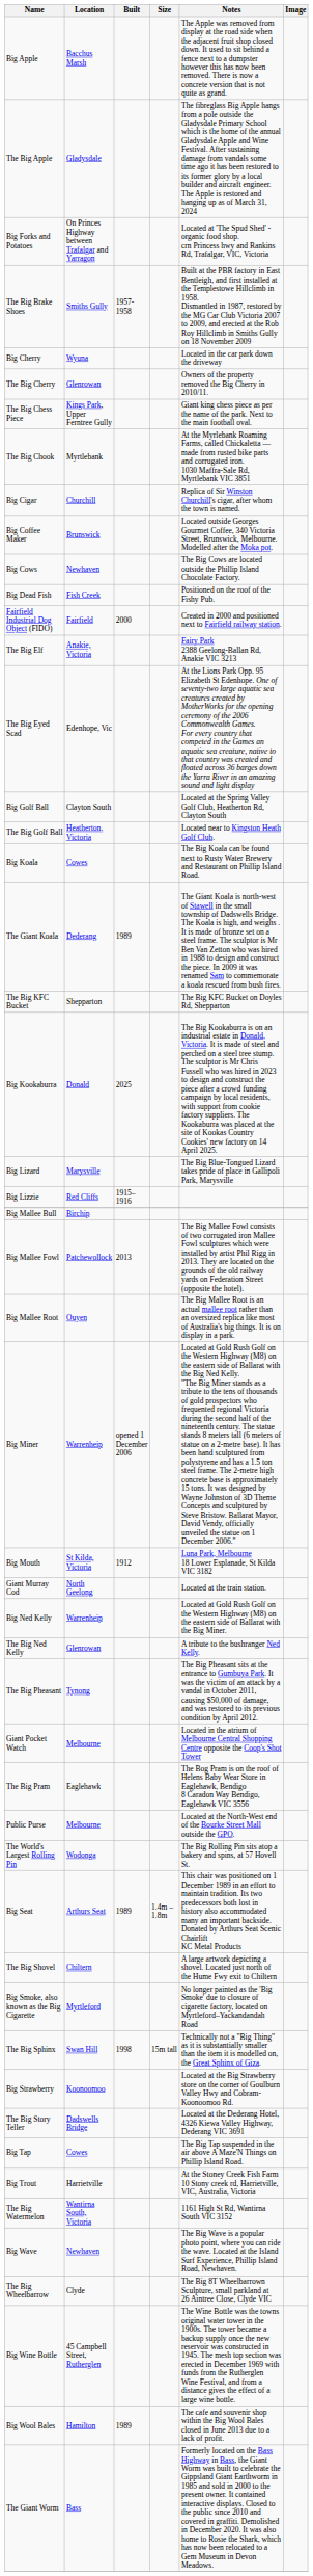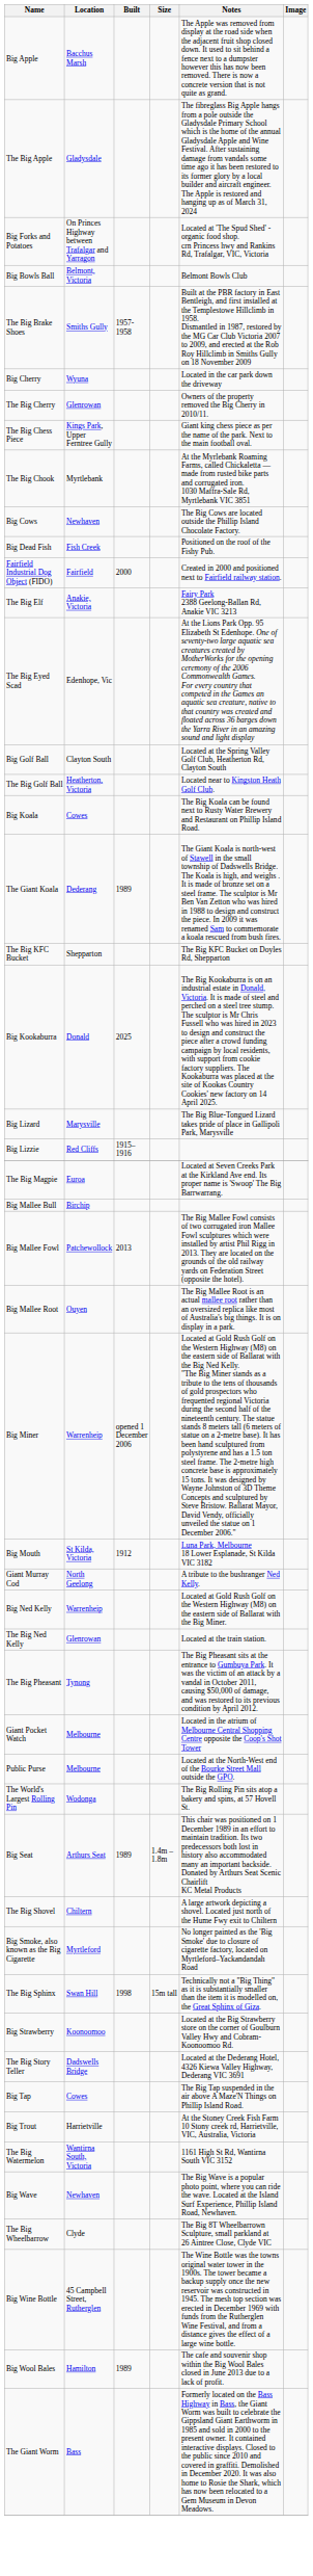 <table style="width:100%;" class="wikitable sortable">
 <tr>
 <th style="width:20%;">Name</th>
 <th style="width:15%;">Location</th>
 <th style="width:5%;">Built</th>
 <th style="width:10%;">Size</th>
 <th style="width:35%;">Notes</th>
 <th style="width:8%;">Image</th>
 </tr>
 <tr>
 <td>Big Apple</td>
 <td><a href='#'>Bacchus Marsh</a></td>
 <td></td>
 <td></td>
 <td>The Apple was removed from display at the road side when the adjacent fruit shop closed down. It used to sit behind a fence next to a dumpster however this has now been removed. There is now a concrete version that is not quite as grand.</td>
 <td> </td>
 </tr>
 <tr>
 <td>The Big Apple</td>
 <td><a href='#'>Gladysdale</a></td>
 <td></td>
 <td></td>
 <td>The fibreglass Big Apple hangs from a pole outside the Gladysdale Primary School which is the home of the annual Gladysdale Apple and Wine Festival. After sustaining damage from vandals some time ago it has been restored to its former glory by a local builder and aircraft engineer.<br>The Apple is restored and hanging up as of March 31, 2024</td>
 <td></td>
 </tr>
 <tr>
 <td>Big Forks and Potatoes</td>
 <td>On Princes Highway between <a href='#'>Trafalgar</a> and <a href='#'>Yarragon</a></td>
 <td></td>
 <td></td>
 <td>Located at 'The Spud Shed' - organic food shop.<br>crn Princess hwy and Rankins Rd, Trafalgar, VIC, Victoria</td>
 <td><br></td>
+</tr>
+<tr>
+<td>Big Bowls Ball</td>
+<td><a href='#'>Belmont, Victoria</a></td>
+<td></td>
+<td></td>
+<td>Belmont Bowls Club</td>
+<td></td>
 </tr>
 <tr>
 <td>The Big Brake Shoes</td>
 <td><a href='#'>Smiths Gully</a></td>
 <td>1957-1958</td>
 <td></td>
 <td>Built at the PBR factory in East Bentleigh, and first installed at the Templestowe Hillclimb in 1958.<br>Dismantled in 1987, restored by the MG Car Club Victoria 2007 to 2009, and erected at the Rob Roy Hillclimb in Smiths Gully on 18 November 2009</td>
 <td></td>
 </tr>
 <tr>
 <td>Big Cherry</td>
 <td><a href='#'>Wyuna</a></td>
 <td></td>
 <td></td>
 <td>Located in the car park down the driveway</td>
 <td></td>
 </tr>
 <tr>
 <td>The Big Cherry</td>
 <td><a href='#'>Glenrowan</a></td>
 <td></td>
 <td></td>
 <td>Owners of the property removed the Big Cherry in 2010/11.</td>
 <td></td>
 </tr>
 <tr |->
 <td>The Big Chess Piece</td>
 <td><a href='#'>Kings Park</a>, Upper Ferntree Gully</td>
 <td></td>
 <td></td>
 <td>Giant king chess piece as per the name of the park. Next to the main football oval.</td>
 <td></td>
 </tr>
 <tr>
 <td>The Big Chook</td>
 <td>Myrtlebank</td>
 <td></td>
 <td></td>
 <td>At the Myrlebank Roaming Farms, called Chickaletta — made from rusted bike parts and corrugated iron.<br>1030 Maffra-Sale Rd, Myrtlebank VIC 3851</td>
-<td></td>
-</tr>
-<tr>
-<td>Big Cigar</td>
-<td><a href='#'>Churchill</a></td>
-<td></td>
-<td></td>
-<td>Replica of Sir <a href='#'>Winston Churchill</a>'s cigar, after whom the town is named.</td>
-<td></td>
-</tr>
-<tr>
-<td>Big Coffee Maker</td>
-<td><a href='#'>Brunswick</a></td>
-<td></td>
-<td></td>
-<td>Located outside Georges Gourmet Coffee, 340 Victoria Street, Brunswick, Melbourne. Modelled after the <a href='#'>Moka pot</a>.</td>
 <td></td>
 </tr>
 <tr>
 <td>Big Cows</td>
 <td><a href='#'>Newhaven</a></td>
 <td></td>
 <td></td>
 <td>The Big Cows are located outside the Phillip Island Chocolate Factory.</td>
 <td></td>
 </tr>
 <tr>
 <td>Big Dead Fish</td>
 <td><a href='#'>Fish Creek</a></td>
 <td></td>
 <td></td>
 <td>Positioned on the roof of the Fishy Pub.</td>
 <td></td>
 </tr>
 <tr>
 <td><a href='#'>Fairfield Industrial Dog Object</a> (FIDO)</td>
 <td><a href='#'>Fairfield</a></td>
 <td>2000</td>
 <td></td>
 <td>Created in 2000 and positioned next to <a href='#'>Fairfield railway station</a>.</td>
 <td></td>
 </tr>
 <tr>
 <td>The Big Elf</td>
 <td><a href='#'>Anakie, Victoria</a></td>
 <td></td>
 <td></td>
 <td><a href='#'>Fairy Park</a><br>2388 Geelong-Ballan Rd, Anakie VIC 3213</td>
 <td></td>
 </tr>
 <tr>
 <td>The Big Eyed Scad</td>
 <td>Edenhope, Vic</td>
 <td></td>
 <td></td>
 <td>At the Lions Park Opp. 95 Elizabeth St Edenhope. <em>One of seventy-two large aquatic sea creatures created by MotherWorks for the opening ceremony of the 2006 Commonwealth Games.</em><br><em>For every country that competed in the Games an aquatic sea creature, native to that country was created and floated across 36 barges down the Yarra River in an amazing sound and light display</em></td>
 <td></td>
 </tr>
 <tr>
 <td>Big Golf Ball</td>
 <td>Clayton South</td>
 <td></td>
 <td></td>
 <td>Located at the Spring Valley Golf Club, Heatherton Rd, Clayton South</td>
 <td></td>
 </tr>
 <tr>
 <td>The Big Golf Ball</td>
 <td><a href='#'>Heatherton, Victoria</a></td>
 <td></td>
 <td></td>
 <td>Located near to <a href='#'>Kingston Heath Golf Club</a>.</td>
 <td></td>
 </tr>
 <tr>
 <td>Big Koala</td>
 <td><a href='#'>Cowes</a></td>
 <td></td>
 <td></td>
 <td>The Big Koala can be found next to Rusty Water Brewery and Restaurant on Phillip Island Road.</td>
 <td></td>
 </tr>
 <tr>
 <td>The Giant Koala</td>
 <td><a href='#'>Dederang</a></td>
 <td>1989</td>
 <td></td>
 <td><br>The Giant Koala is  north-west of <a href='#'>Stawell</a> in the small township of Dadswells Bridge. The Koala is  high, and weighs . It is made of bronze set on a steel frame. The sculptor is Mr Ben Van Zetton who was hired in 1988 to design and construct the piece. In 2009 it was renamed <a href='#'>Sam</a> to commemorate a koala rescued from bush fires.</td>
 <td></td>
 </tr>
 <tr>
 <td>The Big KFC Bucket</td>
 <td>Shepparton</td>
 <td></td>
 <td></td>
 <td>The Big KFC Bucket on Doyles Rd, Shepparton</td>
 <td></td>
 </tr>
 <tr>
 <td>Big Kookaburra</td>
 <td><a href='#'>Donald</a></td>
 <td>2025</td>
 <td></td>
 <td><br>The Big Kookaburra is on an industrial estate in <a href='#'>Donald, Victoria</a>. It is made of steel and perched on a steel tree stump. The sculptor is Mr Chris Fussell who was hired in 2023 to design and construct the piece after a crowd funding campaign by local residents, with support from cookie factory suppliers. The Kookaburra was placed at the site of Kookas Country Cookies' new factory on 14 April 2025.</td>
 <td></td>
 </tr>
 <tr>
 <td>Big Lizard</td>
 <td><a href='#'>Marysville</a></td>
 <td></td>
 <td></td>
 <td>The Big Blue-Tongued Lizard takes pride of place in Gallipoli Park, Marysville</td>
 <td></td>
 </tr>
 <tr>
 <td>Big Lizzie</td>
 <td><a href='#'>Red Cliffs</a></td>
 <td>1915–1916</td>
 <td></td>
 <td></td>
 <td></td>
 </tr>
 <tr>
 </tr>
 <tr>
+<td>The Big Magpie</td>
+<td><a href='#'>Euroa</a></td>
+<td></td>
+<td></td>
+<td>Located at Seven Creeks Park at the Kirkland Ave end. Its proper name is 'Swoop' The Big Barrwarrang.</td>
+<td><br></td>
+</tr>
+<tr>
 <td>Big Mallee Bull</td>
 <td><a href='#'>Birchip</a></td>
 <td></td>
 <td></td>
 <td></td>
 <td></td>
 </tr>
 <tr>
 <td>Big Mallee Fowl</td>
 <td><a href='#'>Patchewollock</a></td>
 <td>2013</td>
 <td></td>
 <td>The Big Mallee Fowl consists of two corrugated iron Mallee Fowl sculptures which were installed by artist Phil Rigg in 2013. They are located on the grounds of the old railway yards on Federation Street (opposite the hotel).</td>
 <td></td>
 </tr>
 <tr>
 <td>Big Mallee Root</td>
 <td><a href='#'>Ouyen</a></td>
 <td></td>
 <td></td>
 <td>The Big Mallee Root is an actual <a href='#'>mallee root</a> rather than an oversized replica like most of Australia's big things. It is on display in a park.</td>
 <td></td>
 </tr>
 <tr>
 <td>Big Miner</td>
 <td><a href='#'>Warrenheip</a></td>
 <td>opened 1 December 2006</td>
 <td></td>
 <td>Located at Gold Rush Golf on the Western Highway (M8) on the eastern side of Ballarat with the Big Ned Kelly.<br>"The Big Miner stands as a tribute to the tens of thousands of gold prospectors who frequented regional Victoria during the second half of the nineteenth century. The statue stands 8 meters tall (6 meters of statue on a 2-metre base). It has been hand sculptured from polystyrene and has a 1.5 ton steel frame. The 2-metre high concrete base is approximately 15 tons. It was designed by Wayne Johnston of 3D Theme Concepts and sculptured by Steve Bristow.  Ballarat Mayor, David Vendy, officially unveiled the statue on 1 December 2006."</td>
 <td></td>
 </tr>
 <tr>
 <td>Big Mouth</td>
 <td><a href='#'>St Kilda, Victoria</a></td>
 <td>1912</td>
 <td></td>
 <td><a href='#'>Luna Park, Melbourne</a><br>18 Lower Esplanade, St Kilda VIC 3182</td>
 <td></td>
 </tr>
 <tr>
 <td>Giant Murray Cod</td>
 <td><a href='#'>North Geelong</a></td>
 <td></td>
 <td></td>
-<td>Located at the train station.</td>
+<td>A tribute to the bushranger <a href='#'>Ned Kelly</a>.</td>
 <td></td>
 </tr>
 <tr>
 <td>Big Ned Kelly</td>
 <td><a href='#'>Warrenheip</a></td>
 <td></td>
 <td></td>
 <td>Located at Gold Rush Golf on the Western Highway (M8) on the eastern side of Ballarat with the Big Miner.</td>
 <td></td>
 </tr>
 <tr>
 <td>The Big Ned Kelly</td>
 <td><a href='#'>Glenrowan</a></td>
 <td></td>
 <td></td>
-<td>A tribute to the bushranger <a href='#'>Ned Kelly</a>.</td>
+<td>Located at the train station.</td>
 <td></td>
 </tr>
 <tr>
 <td>The Big Pheasant</td>
 <td><a href='#'>Tynong</a></td>
 <td></td>
 <td></td>
 <td>The Big Pheasant sits at the entrance to <a href='#'>Gumbuya Park</a>. It was the victim of an attack by a vandal in October 2011, causing $50,000 of damage, and was restored to its previous condition by April 2012.</td>
 <td></td>
 </tr>
 <tr>
 <td>Giant Pocket Watch</td>
 <td><a href='#'>Melbourne</a></td>
 <td></td>
 <td></td>
 <td>Located in the atrium of <a href='#'>Melbourne Central Shopping Centre</a> opposite the <a href='#'>Coop's Shot Tower</a></td>
-<td></td>
-</tr>
-<tr>
-<td>The Big Pram</td>
-<td>Eaglehawk</td>
-<td></td>
-<td></td>
-<td>The Bog Pram is on the roof of Helens Baby Wear Store in Eaglehawk, Bendigo<br>8 Caradon Way Bendigo, Eaglehawk VIC 3556</td>
 <td></td>
 </tr>
 <tr>
 <td>Public Purse</td>
 <td><a href='#'>Melbourne</a></td>
 <td></td>
 <td></td>
 <td>Located at the North-West end of the <a href='#'>Bourke Street Mall</a> outside the <a href='#'>GPO</a>.</td>
 <td></td>
 </tr>
 <tr>
 <td>The World's Largest <a href='#'>Rolling Pin</a></td>
 <td><a href='#'>Wodonga</a></td>
 <td></td>
 <td></td>
 <td>The Big Rolling Pin sits atop a bakery and spins, at 57 Hovell St.</td>
 <td></td>
 </tr>
 <tr>
 <td>Big Seat</td>
 <td><a href='#'>Arthurs Seat</a></td>
 <td>1989</td>
 <td>1.4m – 1.8m</td>
 <td>This chair was positioned on 1 December 1989 in an effort to maintain tradition. Its two predecessors both lost in history also accommodated many an important backside.<br>Donated by Arthurs Seat Scenic Chairlift<br>KC Metal Products</td>
 <td></td>
 </tr>
 <tr>
 <td>The Big Shovel</td>
 <td><a href='#'>Chiltern</a></td>
 <td></td>
 <td></td>
 <td>A large artwork depicting a shovel. Located just north of the Hume Fwy exit to Chiltern</td>
 <td><br></td>
 </tr>
 <tr>
 <td>Big Smoke, also known as the Big Cigarette</td>
 <td><a href='#'>Myrtleford</a></td>
 <td></td>
 <td></td>
 <td>No longer painted as the 'Big Smoke' due to closure of cigarette factory, located on Myrtleford–Yackandandah Road</td>
 <td></td>
 </tr>
 <tr>
 <td>The Big Sphinx</td>
 <td><a href='#'>Swan Hill</a></td>
 <td>1998</td>
 <td>15m tall</td>
 <td>Technically not a "Big Thing" as it is substantially smaller than the item it is modelled on, the <a href='#'>Great Sphinx of Giza</a>.</td>
 <td></td>
 </tr>
 <tr>
 <td>Big Strawberry</td>
 <td><a href='#'>Koonoomoo</a></td>
 <td></td>
 <td></td>
 <td>Located at the Big Strawberry store on the corner of Goulburn Valley Hwy and Cobram-Koonoomoo Rd.</td>
 <td></td>
 </tr>
 <tr>
 <td>The Big Story Teller</td>
 <td><a href='#'>Dadswells Bridge</a></td>
 <td></td>
 <td></td>
 <td>Located at the Dederang Hotel, 4326 Kiewa Valley Highway, Dederang VIC 3691</td>
 <td></td>
 </tr>
 <tr>
 <td>Big Tap</td>
 <td><a href='#'>Cowes</a></td>
 <td></td>
 <td></td>
 <td>The Big Tap suspended in the air above A Maze'N Things on Phillip Island Road.</td>
 <td></td>
 </tr>
 <tr>
 <td>Big Trout</td>
 <td>Harrietville</td>
 <td></td>
 <td></td>
 <td>At the Stoney Creek Fish Farm<br>10 Stony creek rd, Harrietville, VIC, Australia, Victoria</td>
 <td></td>
 </tr>
 <tr>
 <td>The Big Watermelon</td>
 <td><a href='#'>Wantirna South, Victoria</a></td>
 <td></td>
 <td></td>
 <td>1161 High St Rd, Wantirna South VIC 3152</td>
 <td><br></td>
 </tr>
 <tr>
 <td>Big Wave</td>
 <td><a href='#'>Newhaven</a></td>
 <td></td>
 <td></td>
 <td>The Big Wave is a popular photo point, where you can ride the wave. Located at the Island Surf Experience, Phillip Island Road, Newhaven.</td>
 <td></td>
 </tr>
 <tr>
 <td>The Big Wheelbarrow</td>
 <td>Clyde</td>
 <td></td>
 <td></td>
 <td>The Big 8T Wheelbarrown Sculpture, small parkland at<br>26 Aintree Close, Clyde VIC</td>
 <td></td>
 </tr>
 <tr>
 <td>Big Wine Bottle</td>
 <td>45 Campbell Street, <a href='#'>Rutherglen</a></td>
 <td></td>
 <td></td>
 <td>The Wine Bottle was the towns original water tower in the 1900s. The tower became a backup supply once the new reservoir was constructed in 1945. The mesh top section was erected in December 1969 with funds from the Rutherglen Wine Festival, and from a distance gives the effect of a large wine bottle.</td>
 <td></td>
 </tr>
 <tr>
 <td>Big Wool Bales</td>
 <td><a href='#'>Hamilton</a></td>
 <td>1989</td>
 <td></td>
 <td>The cafe and souvenir shop within the Big Wool Bales closed in June 2013 due to a lack of profit.</td>
 <td></td>
 </tr>
 <tr>
 <td>The Giant Worm</td>
 <td><a href='#'>Bass</a></td>
 <td></td>
 <td></td>
 <td>Formerly located on the <a href='#'>Bass Highway</a> in <a href='#'>Bass</a>, the Giant Worm was built to celebrate the Gippsland Giant Earthworm in 1985 and sold in 2000 to the present owner. It contained interactive displays. Closed to the public since 2010 and covered in graffiti. Demolished in December 2020. It was also home to Rosie the Shark, which has now been relocated to a Gem Museum in Devon Meadows.</td>
 <td></td>
 </tr>
 <tr>
 </tr>
 </table>
